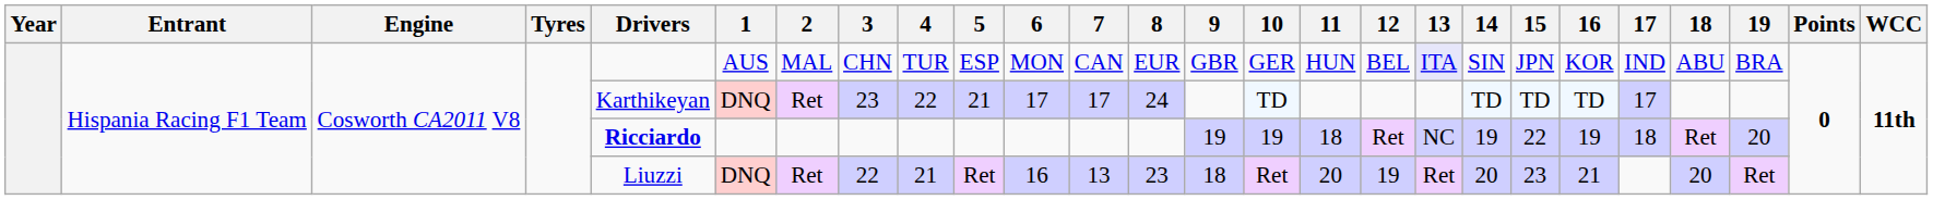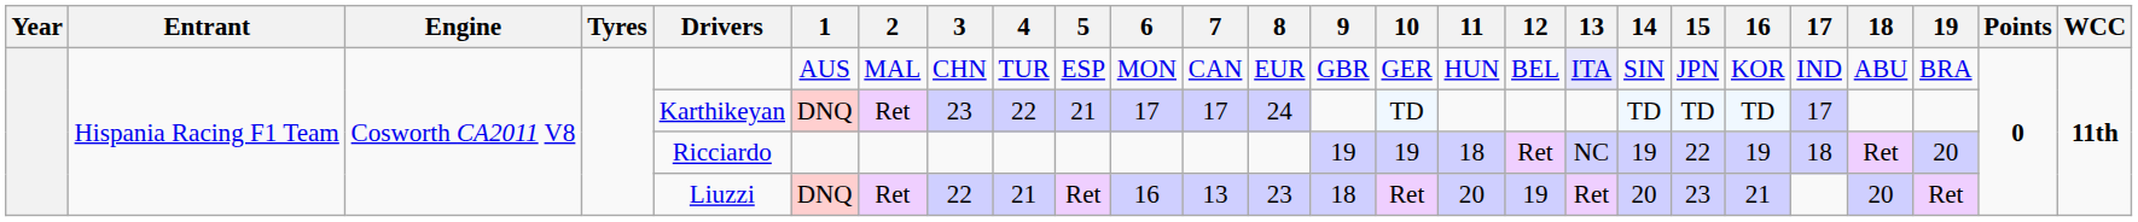 <table class="wikitable" style="text-align:center; font-size:95%">
 <tr>
 <th>Year</th>
 <th>Entrant</th>
 <th>Engine</th>
 <th>Tyres</th>
 <th>Drivers</th>
 <th>1</th>
 <th>2</th>
 <th>3</th>
 <th>4</th>
 <th>5</th>
 <th>6</th>
 <th>7</th>
 <th>8</th>
 <th>9</th>
 <th>10</th>
 <th>11</th>
 <th>12</th>
 <th>13</th>
 <th>14</th>
 <th>15</th>
 <th>16</th>
 <th>17</th>
 <th>18</th>
 <th>19</th>
 <th>Points</th>
 <th>WCC</th>
 </tr>
 <tr>
 <th rowspan=4></th>
 <td rowspan=4><a href='#'>Hispania Racing F1 Team</a></td>
 <td rowspan=4><a href='#'>Cosworth <em>CA2011</em></a> <a href='#'>V8</a></td>
 <td rowspan=4></td>
 <td></td>
 <td><a href='#'>AUS</a></td>
 <td><a href='#'>MAL</a></td>
 <td><a href='#'>CHN</a></td>
 <td><a href='#'>TUR</a></td>
 <td><a href='#'>ESP</a></td>
 <td><a href='#'>MON</a></td>
 <td><a href='#'>CAN</a></td>
 <td><a href='#'>EUR</a></td>
 <td><a href='#'>GBR</a></td>
 <td><a href='#'>GER</a></td>
 <td><a href='#'>HUN</a></td>
 <td><a href='#'>BEL</a></td>
 <td style="background: lavender;"><a href='#'>ITA</a></td>
 <td><a href='#'>SIN</a></td>
 <td><a href='#'>JPN</a></td>
 <td><a href='#'>KOR</a></td>
 <td><a href='#'>IND</a></td>
 <td><a href='#'>ABU</a></td>
 <td><a href='#'>BRA</a></td>
 <td rowspan=4><strong>0</strong></td>
 <td rowspan=4><strong>11th</strong></td>
 </tr>
 <tr>
 <td><a href='#'>Karthikeyan</a></td>
 <td style="background:#FFCFCF;">DNQ</td>
 <td style="background:#efcfff;">Ret</td>
 <td style="background:#cfcfff;">23</td>
 <td style="background:#cfcfff;">22</td>
 <td style="background:#cfcfff;">21</td>
 <td style="background:#cfcfff;">17</td>
 <td style="background:#cfcfff;">17</td>
 <td style="background:#cfcfff;">24</td>
 <td></td>
 <td style="background:#F0F8FF;">TD</td>
 <td></td>
 <td></td>
 <td></td>
 <td style="background:#F0F8FF;">TD</td>
 <td style="background:#F0F8FF;">TD</td>
 <td style="background:#F0F8FF;">TD</td>
 <td style="background:#cfcfff;">17</td>
 <td></td>
 <td></td>
 </tr>
 <tr>
-<td><strong><a href='#'>Ricciardo</a></strong></td>
+<td><a href='#'>Ricciardo</a></td>
 <td></td>
 <td></td>
 <td></td>
 <td></td>
 <td></td>
 <td></td>
 <td></td>
 <td></td>
 <td style="background:#cfcfff;">19</td>
 <td style="background:#cfcfff;">19</td>
 <td style="background:#cfcfff;">18</td>
 <td style="background:#efcfff;">Ret</td>
 <td style="background:#cfcfff;">NC</td>
 <td style="background:#cfcfff;">19</td>
 <td style="background:#cfcfff;">22</td>
 <td style="background:#cfcfff;">19</td>
 <td style="background:#cfcfff;">18</td>
 <td style="background:#efcfff;">Ret</td>
 <td style="background:#cfcfff;">20</td>
 </tr>
 <tr>
 <td><a href='#'>Liuzzi</a></td>
 <td style="background:#FFCFCF;">DNQ</td>
 <td style="background:#efcfff;">Ret</td>
 <td style="background:#cfcfff;">22</td>
 <td style="background:#cfcfff;">21</td>
 <td style="background:#efcfff;">Ret</td>
 <td style="background:#cfcfff;">16</td>
 <td style="background:#cfcfff;">13</td>
 <td style="background:#cfcfff;">23</td>
 <td style="background:#cfcfff;">18</td>
 <td style="background:#efcfff;">Ret</td>
 <td style="background:#cfcfff;">20</td>
 <td style="background:#cfcfff;">19</td>
 <td style="background:#efcfff;">Ret</td>
 <td style="background:#cfcfff;">20</td>
 <td style="background:#cfcfff;">23</td>
 <td style="background:#cfcfff;">21</td>
 <td></td>
 <td style="background:#cfcfff;">20</td>
 <td style="background:#efcfff;">Ret</td>
 </tr>
 </table>
